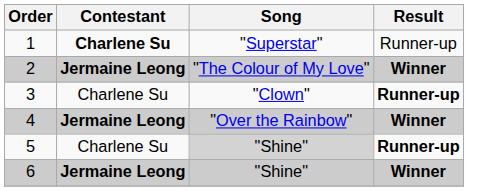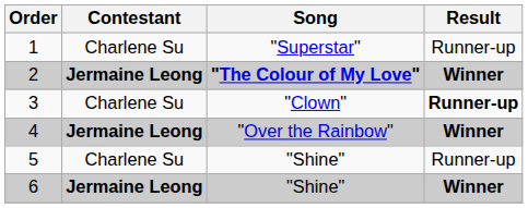 <table class="wikitable plainrowheaders" style="text-align:center;">
 <tr>
 <th scope="col">Order</th>
 <th scope="col">Contestant</th>
 <th scope="col">Song</th>
 <th scope="col">Result</th>
 </tr>
 <tr>
 <td scope="row">1</td>
-<td><strong>Charlene Su</strong></td>
+<td>Charlene Su</td>
 <td>"<a href='#'>Superstar</a>"</td>
 <td>Runner-up</td>
 </tr>
 <tr style="background:#ccc;">
 <td scope="row">2</td>
 <td><strong>Jermaine Leong</strong></td>
-<td>"<a href='#'>The Colour of My Love</a>"</td>
+<td><strong>"<a href='#'>The Colour of My Love</a>"</strong></td>
 <td><strong>Winner</strong></td>
 </tr>
 <tr>
 <td scope="row">3</td>
 <td>Charlene Su</td>
 <td>"<a href='#'>Clown</a>"</td>
 <td><strong>Runner-up</strong></td>
 </tr>
 <tr style="background:#ccc;">
 <td scope="row">4</td>
 <td><strong>Jermaine Leong</strong></td>
 <td>"<a href='#'>Over the Rainbow</a>"</td>
 <td><strong>Winner</strong></td>
 </tr>
 <tr>
 <td scope="row">5</td>
 <td>Charlene Su</td>
-<td style="background: lightgrey;">"Shine"</td>
-<td><strong>Runner-up</strong></td>
+<td>"Shine"</td>
+<td>Runner-up</td>
 </tr>
 <tr style="background:#ccc;">
 <td scope="row">6</td>
 <td><strong>Jermaine Leong</strong></td>
 <td>"Shine"</td>
 <td><strong>Winner</strong></td>
 </tr>
 <tr>
 </tr>
 </table>
